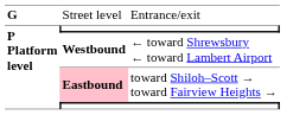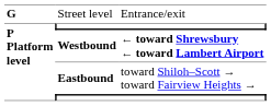 <table table border=0 cellspacing=0 cellpadding=3>
 <tr>
 <td style="border-top:solid 1px gray" width=50 valign=top><strong>G</strong></td>
 <td style="border-top:solid 1px gray" valign=top>Street level</td>
 <td style="border-top:solid 1px gray" valign=top>Entrance/exit</td>
 </tr>
 <tr>
 <td style="border-top:solid 1px gray;border-bottom:solid 1px gray" width=50 rowspan=5 valign=top><strong>P <br>Platform level</strong></td>
 <td style="border-top:solid 1px gray;border-right:solid 2px black;border-left:solid 2px black;border-bottom:solid 2px black;text-align:center" colspan=2></td>
 </tr>
 <tr>
 <td style="border-bottom:solid 1px gray"><strong>Westbound</strong></td>
-<td style="border-bottom:solid 1px gray">←  toward <a href='#'>Shrewsbury</a> <br>←  toward <a href='#'>Lambert Airport</a> </td>
+<td style="border-bottom:solid 1px gray"><strong>←  toward <a href='#'>Shrewsbury</a> <br>←  toward <a href='#'>Lambert Airport</a> </strong></td>
 </tr>
 <tr>
-<td style="background: pink;"><strong>Eastbound</strong></td>
+<td><strong>Eastbound</strong></td>
 <td>  toward <a href='#'>Shiloh–Scott</a>  →<br>  toward <a href='#'>Fairview Heights</a>  →</td>
 </tr>
 <tr>
 <td style="border-right:solid 2px black;border-left:solid 2px black;border-top:solid 2px black;border-bottom:solid 1px gray;text-align:center" colspan=2></td>
 </tr>
 </table>
